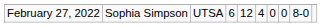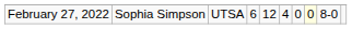 <table class="wikitable">
 <tr>
 </tr>
 <tr align="center">
 <td>February 27, 2022</td>
 <td>Sophia Simpson</td>
 <td>UTSA</td>
 <td>6</td>
 <td>12</td>
 <td>4</td>
 <td>0</td>
-<td>0</td>
+<td style="background: lightyellow;">0</td>
 <td>8-0</td>
 <td></td>
 </tr>
 </table>
